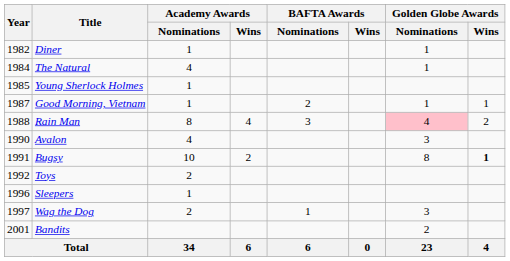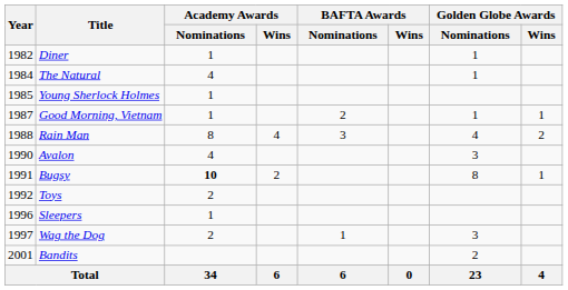 <table class="wikitable">
 <tr>
 <th rowspan="2">Year</th>
 <th rowspan="2">Title</th>
 <th colspan="2" style="text-align:center;" width=160>Academy Awards</th>
 <th colspan="2" style="text-align:center;" width=160>BAFTA Awards</th>
 <th colspan="2" style="text-align:center;" width=160>Golden Globe Awards</th>
 </tr>
 <tr>
 <th>Nominations</th>
 <th>Wins</th>
 <th>Nominations</th>
 <th>Wins</th>
 <th>Nominations</th>
 <th>Wins</th>
 </tr>
 <tr>
 <td>1982</td>
 <td><em><a href='#'>Diner</a></em></td>
 <td align=center>1</td>
 <td></td>
 <td></td>
 <td></td>
 <td align=center>1</td>
 <td></td>
 </tr>
 <tr>
 <td>1984</td>
 <td><em><a href='#'>The Natural</a></em></td>
 <td align=center>4</td>
 <td></td>
 <td></td>
 <td></td>
 <td align=center>1</td>
 <td></td>
 </tr>
 <tr>
 <td>1985</td>
 <td><em><a href='#'>Young Sherlock Holmes</a></em></td>
 <td align=center>1</td>
 <td></td>
 <td></td>
 <td></td>
 <td></td>
 <td></td>
 </tr>
 <tr>
 <td>1987</td>
 <td><em><a href='#'>Good Morning, Vietnam</a></em></td>
 <td align=center>1</td>
 <td></td>
 <td align=center>2</td>
 <td></td>
 <td align=center>1</td>
 <td align=center>1</td>
 </tr>
 <tr>
 <td>1988</td>
 <td><em><a href='#'>Rain Man</a></em></td>
 <td align=center>8</td>
 <td align=center>4</td>
 <td align=center>3</td>
 <td></td>
-<td align=center style="background: pink;">4</td>
+<td align=center>4</td>
 <td align=center>2</td>
 </tr>
 <tr>
 <td>1990</td>
 <td><em><a href='#'>Avalon</a></em></td>
 <td align=center>4</td>
 <td></td>
 <td></td>
 <td></td>
 <td align=center>3</td>
 <td></td>
 </tr>
 <tr>
 <td>1991</td>
 <td><em><a href='#'>Bugsy</a></em></td>
-<td align=center>10</td>
+<td align=center><strong>10</strong></td>
 <td align=center>2</td>
 <td></td>
 <td></td>
 <td align=center>8</td>
-<td align=center><strong>1</strong></td>
+<td align=center>1</td>
 </tr>
 <tr>
 <td>1992</td>
 <td><em><a href='#'>Toys</a></em></td>
 <td align=center>2</td>
 <td></td>
 <td></td>
 <td></td>
 <td></td>
 <td></td>
 </tr>
 <tr>
 <td>1996</td>
 <td><em><a href='#'>Sleepers</a></em></td>
 <td align=center>1</td>
 <td></td>
 <td></td>
 <td></td>
 <td></td>
 <td></td>
 </tr>
 <tr>
 <td>1997</td>
 <td><em><a href='#'>Wag the Dog</a></em></td>
 <td align=center>2</td>
 <td></td>
 <td align=center>1</td>
 <td></td>
 <td align=center>3</td>
 <td></td>
 </tr>
 <tr>
 <td>2001</td>
 <td><em><a href='#'>Bandits</a></em></td>
 <td></td>
 <td></td>
 <td></td>
 <td></td>
 <td align=center>2</td>
 <td></td>
 </tr>
 <tr>
 <th colspan="2">Total</th>
 <th align=center>34</th>
 <th align=center>6</th>
 <th align=center>6</th>
 <th align=center>0</th>
 <th align=center>23</th>
 <th align=center>4</th>
 </tr>
 </table>
